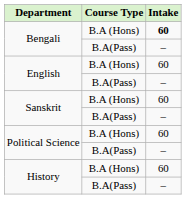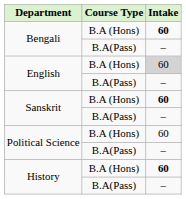 <table class="wikitable" style="text-align:center;">
 <tr>
 <th style="background-color: #DAF2CE">Department</th>
 <th style="background-color: #DAF2CE">Course Type</th>
 <th style="background-color: #DAF2CE">Intake</th>
 </tr>
 <tr>
 <td rowspan="2">Bengali</td>
 <td>B.A (Hons)</td>
 <td><strong>60</strong></td>
 </tr>
 <tr>
 <td>B.A(Pass)</td>
 <td>–</td>
 </tr>
 <tr>
 <td rowspan="2">English</td>
 <td>B.A (Hons)</td>
-<td>60</td>
+<td style="background: lightgrey;">60</td>
 </tr>
 <tr>
 <td>B.A(Pass)</td>
 <td>–</td>
 </tr>
 <tr>
 <td rowspan="2">Sanskrit</td>
 <td>B.A (Hons)</td>
-<td>60</td>
+<td><strong>60</strong></td>
 </tr>
 <tr>
 <td>B.A(Pass)</td>
 <td>–</td>
 </tr>
 <tr>
 <td rowspan="2">Political Science</td>
 <td>B.A (Hons)</td>
 <td>60</td>
 </tr>
 <tr>
 <td>B.A(Pass)</td>
 <td>–</td>
 </tr>
 <tr>
 <td rowspan="2">History</td>
 <td>B.A (Hons)</td>
-<td>60</td>
+<td><strong>60</strong></td>
 </tr>
 <tr>
 <td>B.A(Pass)</td>
 <td>–</td>
 </tr>
 </table>
